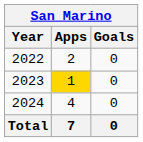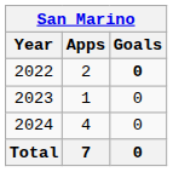 <table class="wikitable" style="text-align:center">
 <tr>
 <th colspan=3><a href='#'>San Marino</a></th>
 </tr>
 <tr>
 <th>Year</th>
 <th>Apps</th>
 <th>Goals</th>
 </tr>
 <tr>
 <td>2022</td>
 <td>2</td>
-<td>0</td>
+<td><strong>0</strong></td>
 </tr>
 <tr>
 <td>2023</td>
-<td style="background: gold;">1</td>
+<td>1</td>
 <td>0</td>
 </tr>
 <tr>
 <td>2024</td>
 <td>4</td>
 <td>0</td>
 </tr>
 <tr>
 <th>Total</th>
 <th>7</th>
 <th>0</th>
 </tr>
 </table>
